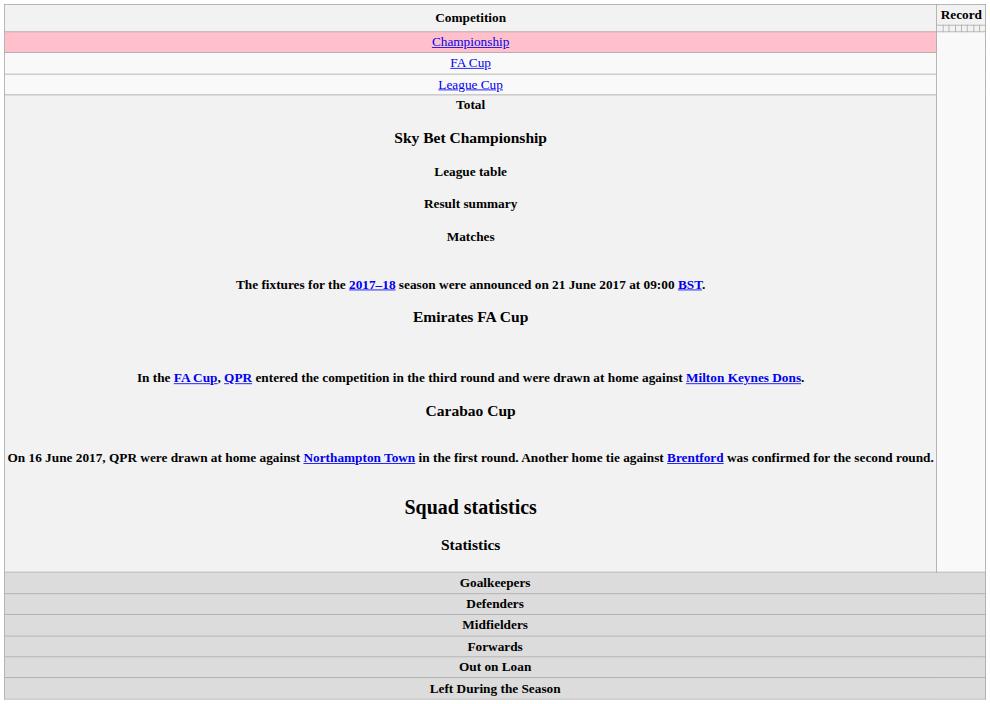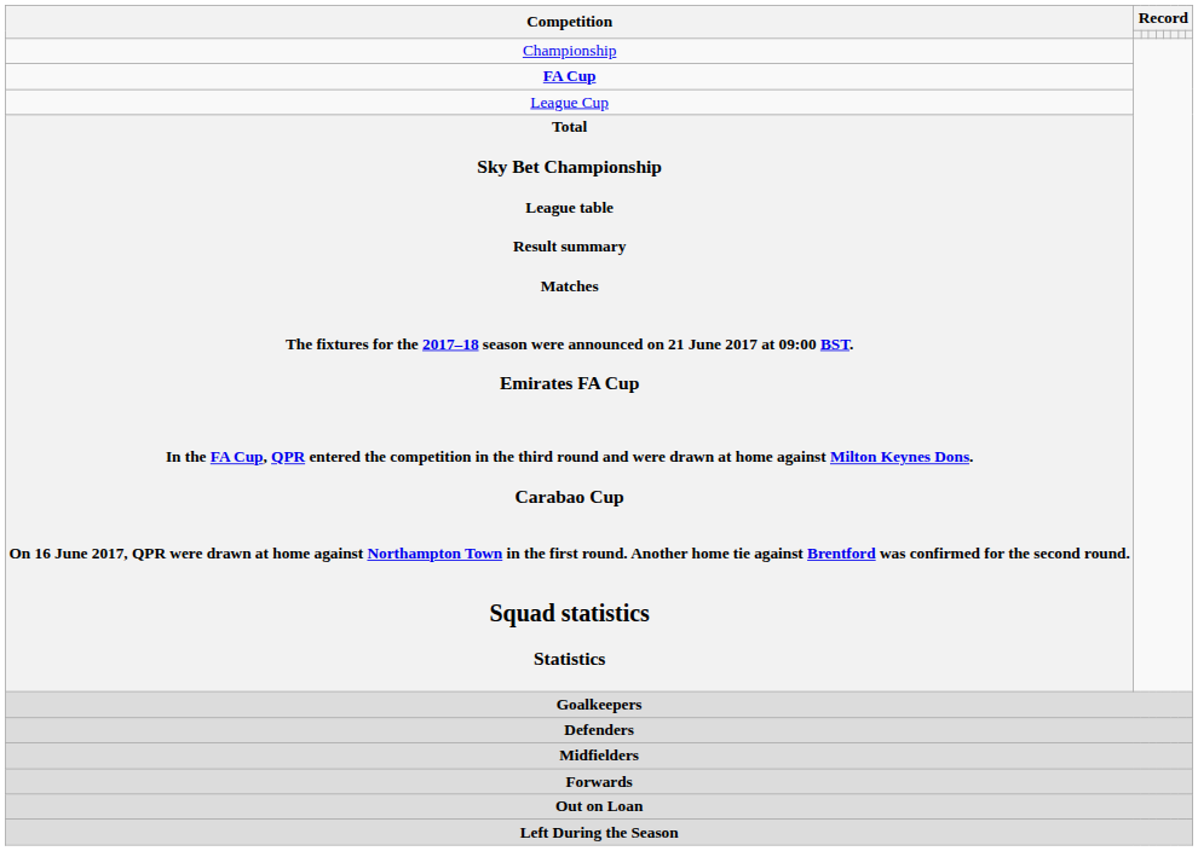 <table class="wikitable" style="text-align: center">
 <tr>
 <th rowspan=2>Competition</th>
 <th colspan=8>Record</th>
 </tr>
 <tr>
 <th></th>
 <th></th>
 <th></th>
 <th></th>
 <th></th>
 <th></th>
 <th></th>
 <th></th>
 </tr>
 <tr>
-<td style="background: pink;"><a href='#'>Championship</a><br></td>
+<td><a href='#'>Championship</a><br></td>
 </tr>
 <tr>
-<td><a href='#'>FA Cup</a><br></td>
+<td><strong><a href='#'>FA Cup</a><br></strong></td>
 </tr>
 <tr>
 <td><a href='#'>League Cup</a><br></td>
 </tr>
 <tr>
 <th>Total<br> <h3>Sky Bet Championship</h3><h4>League table</h4><h4>Result summary</h4> <h4>Matches</h4>   <br>The fixtures for the <a href='#'>2017–18</a> season were announced on 21 June 2017 at 09:00 <a href='#'>BST</a>.<br>                                              <h3>Emirates FA Cup</h3><br>  <br>In the <a href='#'>FA Cup</a>, <a href='#'>QPR</a> entered the competition in the third round and were drawn at home against <a href='#'>Milton Keynes Dons</a>.<br><h3>Carabao Cup</h3><br>On 16 June 2017, QPR were drawn at home against <a href='#'>Northampton Town</a> in the first round. Another home tie against <a href='#'>Brentford</a> was confirmed for the second round.<br>   <br> <h2>Squad statistics</h2><h3>Statistics</h3> </th>
 </tr>
 <tr>
 <th colspan="14" style="background:#dcdcdc; text-align:center">Goalkeepers<br>  </th>
 </tr>
 <tr>
 <th colspan="14" style="background:#dcdcdc; text-align:center">Defenders<br>         </th>
 </tr>
 <tr>
 <th colspan="14" style="background:#dcdcdc; text-align:center">Midfielders<br>         </th>
 </tr>
 <tr>
 <th colspan="14" style="background:#dcdcdc; text-align:center">Forwards<br>     </th>
 </tr>
 <tr>
 <th colspan="14" style="background:#dcdcdc; text-align:center">Out on Loan<br> </th>
 </tr>
 <tr>
 <th colspan="14" style="background:#dcdcdc; text-align:center">Left During the Season<br>     </th>
 </tr>
 </table>
